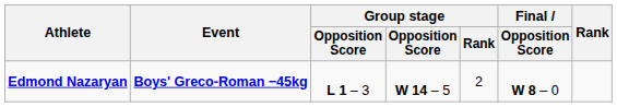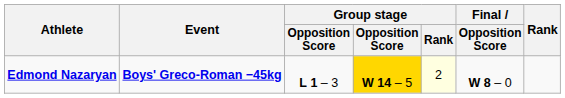 <table class="wikitable" style="font-size:90%">
 <tr>
 <th rowspan=2>Athlete</th>
 <th rowspan=2>Event</th>
 <th colspan=3>Group stage</th>
 <th>Final / </th>
 <th rowspan=2>Rank</th>
 </tr>
 <tr style="font-size:95%">
 <th>Opposition<br>Score</th>
 <th>Opposition<br>Score</th>
 <th>Rank</th>
 <th>Opposition<br>Score</th>
 </tr>
 <tr align=center>
 <td align=left><strong><a href='#'>Edmond Nazaryan</a></strong></td>
 <td align=left><strong><a href='#'>Boys' Greco-Roman −45kg</a></strong></td>
 <td><br><strong>L</strong> <strong>1</strong> – 3 <sup></sup></td>
-<td><br><strong>W</strong> <strong>14</strong> – 5 <sup></sup></td>
-<td>2 </td>
+<td style="background: gold;"><br><strong>W</strong> <strong>14</strong> – 5 <sup></sup></td>
+<td style="background: lightyellow;">2 </td>
 <td><br><strong>W</strong> <strong>8</strong> – 0 <sup></sup></td>
 <td></td>
 </tr>
 </table>
